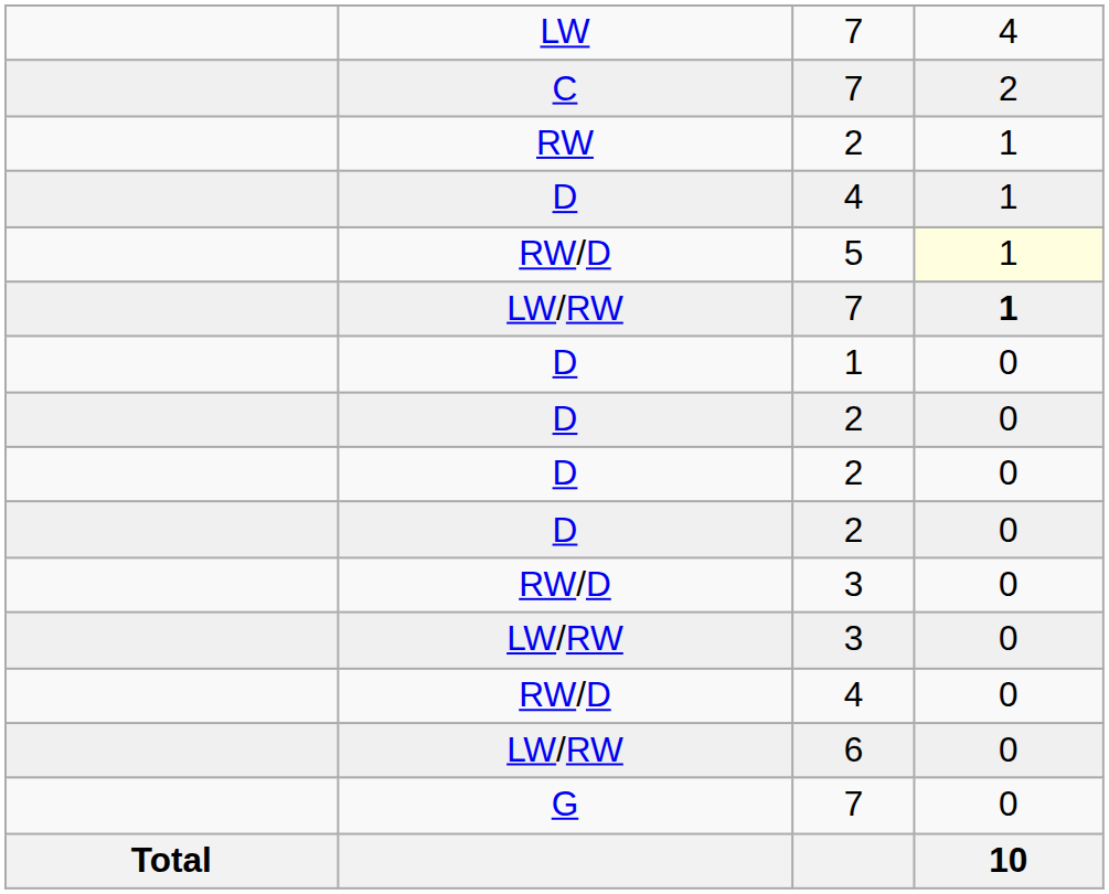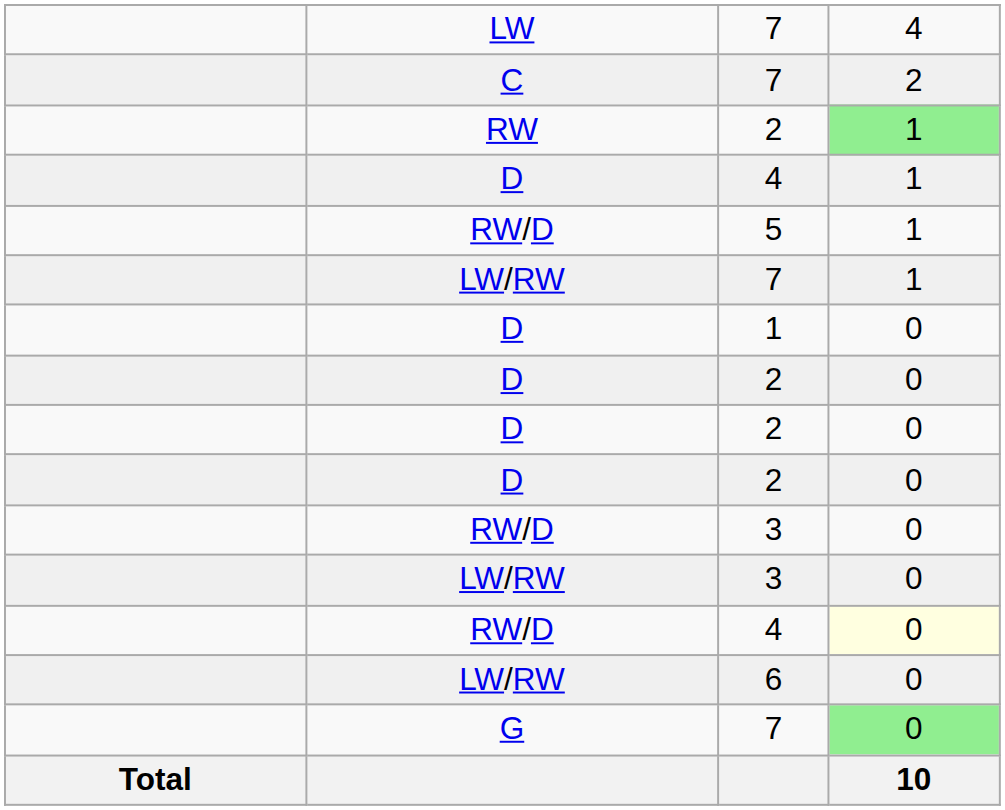 <table class="wikitable sortable" width ="40%">
 <tr align="center">
 </tr>
 <tr align="center">
 <td></td>
 <td><a href='#'>LW</a></td>
 <td>7</td>
 <td>4</td>
 </tr>
 <tr align="center" bgcolor="f0f0f0">
 <td></td>
 <td><a href='#'>C</a></td>
 <td>7</td>
 <td>2</td>
 </tr>
 <tr align="center">
 <td></td>
 <td><a href='#'>RW</a></td>
 <td>2</td>
-<td>1</td>
+<td style="background: lightgreen;">1</td>
 </tr>
 <tr align="center" bgcolor="f0f0f0">
 <td></td>
 <td><a href='#'>D</a></td>
 <td>4</td>
 <td>1</td>
 </tr>
 <tr align="center">
 <td></td>
 <td><a href='#'>RW</a>/<a href='#'>D</a></td>
 <td>5</td>
-<td style="background: lightyellow;">1</td>
+<td>1</td>
 </tr>
 <tr align="center" bgcolor="f0f0f0">
 <td></td>
 <td><a href='#'>LW</a>/<a href='#'>RW</a></td>
 <td>7</td>
-<td><strong>1</strong></td>
+<td>1</td>
 </tr>
 <tr align="center">
 <td></td>
 <td><a href='#'>D</a></td>
 <td>1</td>
 <td>0</td>
 </tr>
 <tr align="center" bgcolor="f0f0f0">
 <td></td>
 <td><a href='#'>D</a></td>
 <td>2</td>
 <td>0</td>
 </tr>
 <tr align="center">
 <td></td>
 <td><a href='#'>D</a></td>
 <td>2</td>
 <td>0</td>
 </tr>
 <tr align="center" bgcolor="f0f0f0">
 <td></td>
 <td><a href='#'>D</a></td>
 <td>2</td>
 <td>0</td>
 </tr>
 <tr align="center">
 <td></td>
 <td><a href='#'>RW</a>/<a href='#'>D</a></td>
 <td>3</td>
 <td>0</td>
 </tr>
 <tr align="center" bgcolor="f0f0f0">
 <td></td>
 <td><a href='#'>LW</a>/<a href='#'>RW</a></td>
 <td>3</td>
 <td>0</td>
 </tr>
 <tr align="center">
 <td></td>
 <td><a href='#'>RW</a>/<a href='#'>D</a></td>
 <td>4</td>
-<td>0</td>
+<td style="background: lightyellow;">0</td>
 </tr>
 <tr align="center" bgcolor="f0f0f0">
 <td></td>
 <td><a href='#'>LW</a>/<a href='#'>RW</a></td>
 <td>6</td>
 <td>0</td>
 </tr>
 <tr align="center">
 <td></td>
 <td><a href='#'>G</a></td>
 <td>7</td>
-<td>0</td>
+<td style="background: lightgreen;">0</td>
 </tr>
 <tr>
 <th>Total</th>
 <th></th>
 <th></th>
 <th>10</th>
 </tr>
 </table>
